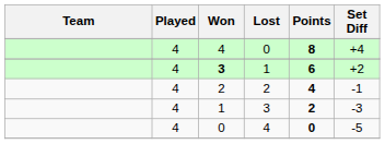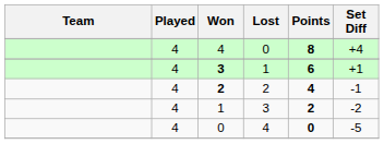 <table class=wikitable style="text-align:center">
 <tr>
 <th width=180>Team</th>
 <th width=50>Played</th>
 <th width=50>Won</th>
 <th width=50>Lost</th>
 <th width=50>Points</th>
 <th width=50>Set Diff</th>
 </tr>
 <tr>
 </tr>
 <tr bgcolor=ccffcc>
 <td align=left></td>
 <td>4</td>
 <td>4</td>
 <td>0</td>
 <td><strong>8</strong></td>
 <td>+4</td>
 </tr>
 <tr>
 </tr>
 <tr bgcolor=ccffcc>
 <td align=left></td>
 <td>4</td>
 <td><strong>3</strong></td>
 <td>1</td>
 <td><strong>6</strong></td>
-<td>+2</td>
+<td>+1</td>
 </tr>
 <tr>
 <td align=left></td>
 <td>4</td>
-<td>2</td>
+<td><strong>2</strong></td>
 <td>2</td>
 <td><strong>4</strong></td>
 <td>-1</td>
 </tr>
 <tr>
 <td align=left></td>
 <td>4</td>
 <td>1</td>
 <td>3</td>
 <td><strong>2</strong></td>
-<td>-3</td>
+<td>-2</td>
 </tr>
 <tr>
 <td align=left></td>
 <td>4</td>
 <td>0</td>
 <td>4</td>
 <td><strong>0</strong></td>
 <td>-5</td>
 </tr>
 <tr>
 </tr>
 </table>
